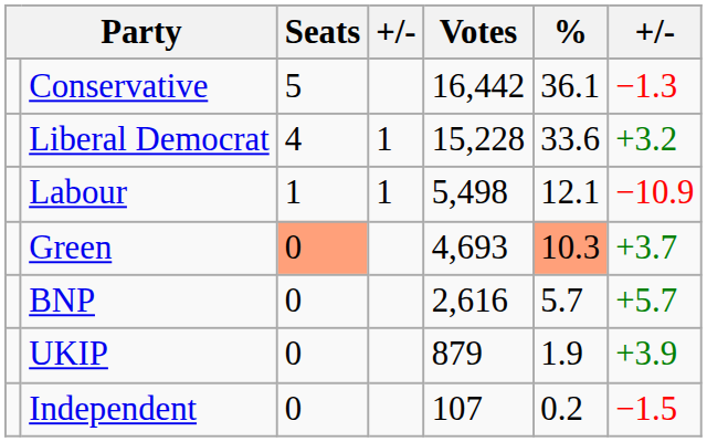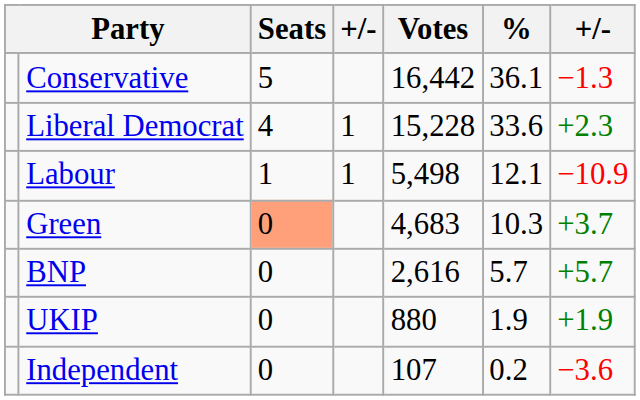 <table class="wikitable">
 <tr>
 <th colspan="2">Party</th>
 <th>Seats</th>
 <th>+/-</th>
 <th>Votes</th>
 <th>%</th>
 <th>+/-</th>
 </tr>
 <tr>
 <td style="background-color: "></td>
 <td><a href='#'>Conservative</a></td>
 <td>5</td>
 <td></td>
 <td>16,442</td>
 <td>36.1</td>
 <td style="color:red">−1.3</td>
 </tr>
 <tr>
 <td style="background-color: "></td>
 <td><a href='#'>Liberal Democrat</a></td>
 <td>4</td>
 <td> 1</td>
 <td>15,228</td>
 <td>33.6</td>
-<td style="color:green">+3.2</td>
+<td style="color:green">+2.3</td>
 </tr>
 <tr>
 <td style="background-color: "></td>
 <td><a href='#'>Labour</a></td>
 <td>1</td>
 <td> 1</td>
 <td>5,498</td>
 <td>12.1</td>
 <td style="color:red">−10.9</td>
 </tr>
 <tr>
 <td style="background-color: "></td>
 <td><a href='#'>Green</a></td>
 <td style="background: lightsalmon;">0</td>
 <td></td>
-<td>4,693</td>
-<td style="background: lightsalmon;">10.3</td>
+<td>4,683</td>
+<td>10.3</td>
 <td style="color:green">+3.7</td>
 </tr>
 <tr>
 <td style="background-color: "></td>
 <td><a href='#'>BNP</a></td>
 <td>0</td>
 <td></td>
 <td>2,616</td>
 <td>5.7</td>
 <td style="color:green">+5.7</td>
 </tr>
 <tr>
 <td style="background-color: "></td>
 <td><a href='#'>UKIP</a></td>
 <td>0</td>
 <td></td>
-<td>879</td>
+<td>880</td>
 <td>1.9</td>
-<td style="color:green">+3.9</td>
+<td style="color:green">+1.9</td>
 </tr>
 <tr>
 <td style="background-color: "></td>
 <td><a href='#'>Independent</a></td>
 <td>0</td>
 <td></td>
 <td>107</td>
 <td>0.2</td>
-<td style="color:red">−1.5</td>
+<td style="color:red">−3.6</td>
 </tr>
 </table>
